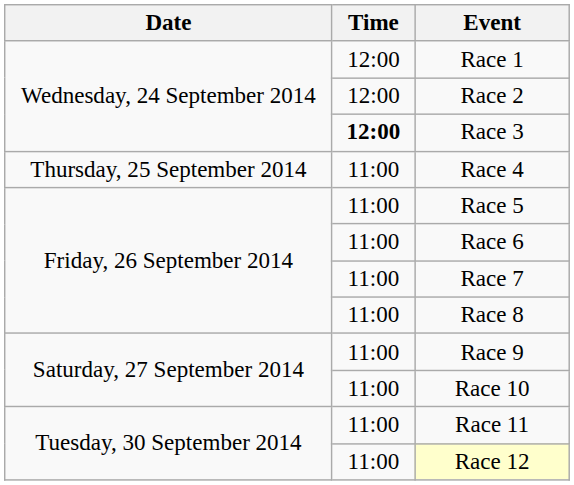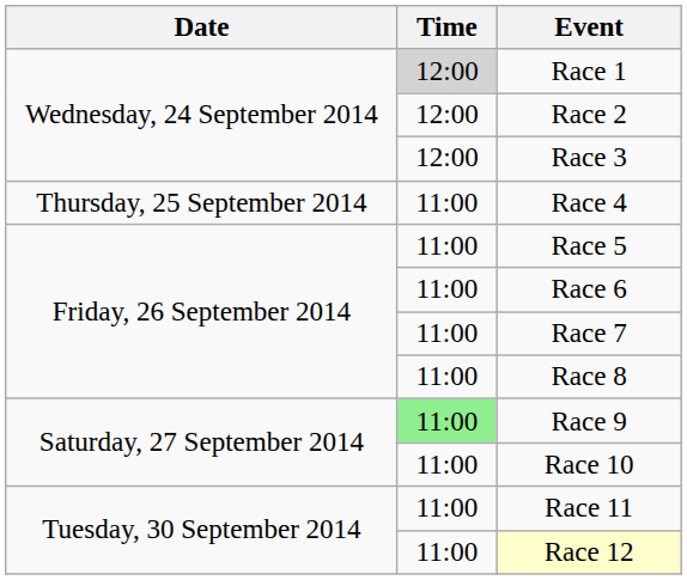 <table class = "wikitable" style="text-align:center;">
 <tr>
 <th width=220>Date</th>
 <th width=50>Time</th>
 <th width=100>Event</th>
 </tr>
 <tr>
 <td rowspan=3>Wednesday, 24 September 2014</td>
-<td>12:00</td>
+<td style="background: lightgrey;">12:00</td>
 <td>Race 1</td>
 </tr>
 <tr>
 <td>12:00</td>
 <td>Race 2</td>
 </tr>
 <tr>
-<td><strong>12:00</strong></td>
+<td>12:00</td>
 <td>Race 3</td>
 </tr>
 <tr>
 <td>Thursday, 25 September 2014</td>
 <td>11:00</td>
 <td>Race 4</td>
 </tr>
 <tr>
 <td rowspan=4>Friday, 26 September 2014</td>
 <td>11:00</td>
 <td>Race 5</td>
 </tr>
 <tr>
 <td>11:00</td>
 <td>Race 6</td>
 </tr>
 <tr>
 <td>11:00</td>
 <td>Race 7</td>
 </tr>
 <tr>
 <td>11:00</td>
 <td>Race 8</td>
 </tr>
 <tr>
 <td rowspan=2>Saturday, 27 September 2014</td>
-<td>11:00</td>
+<td style="background: lightgreen;">11:00</td>
 <td>Race 9</td>
 </tr>
 <tr>
 <td>11:00</td>
 <td>Race 10</td>
 </tr>
 <tr>
 <td rowspan=2>Tuesday, 30 September 2014</td>
 <td>11:00</td>
 <td>Race 11</td>
 </tr>
 <tr>
 <td>11:00</td>
 <td bgcolor=ffffcc>Race 12</td>
 </tr>
 </table>
